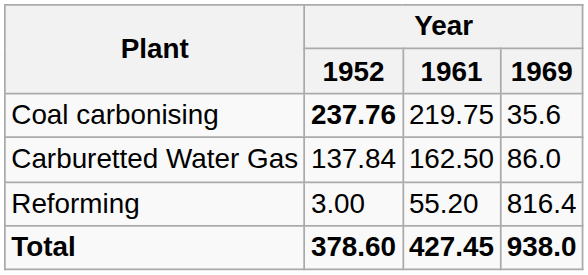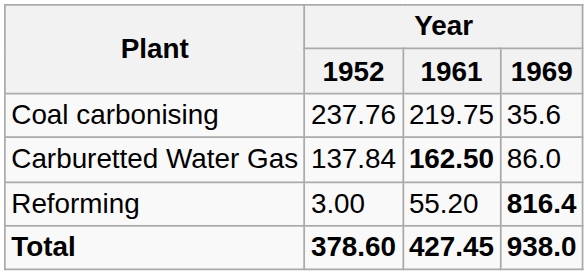 <table class="wikitable">
 <tr>
 <th rowspan="2">Plant</th>
 <th colspan="3">Year</th>
 </tr>
 <tr>
 <th>1952</th>
 <th>1961</th>
 <th>1969</th>
 </tr>
 <tr>
 <td>Coal carbonising</td>
-<td><strong>237.76</strong></td>
+<td>237.76</td>
 <td>219.75</td>
 <td>35.6</td>
 </tr>
 <tr>
 <td>Carburetted Water Gas</td>
 <td>137.84</td>
-<td>162.50</td>
+<td><strong>162.50</strong></td>
 <td>86.0</td>
 </tr>
 <tr>
 <td>Reforming</td>
 <td>3.00</td>
 <td>55.20</td>
-<td>816.4</td>
+<td><strong>816.4</strong></td>
 </tr>
 <tr>
 <td><strong>Total</strong></td>
 <td><strong>378.60</strong></td>
 <td><strong>427.45</strong></td>
 <td><strong>938.0</strong></td>
 </tr>
 </table>
